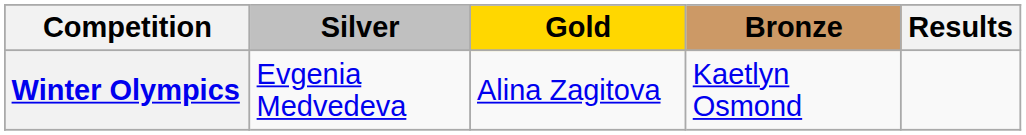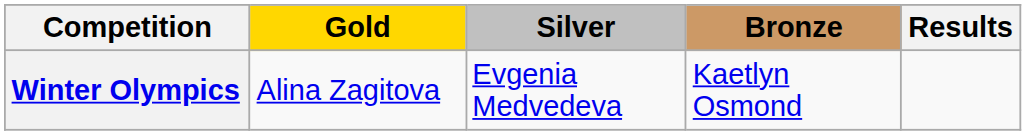 <table class="wikitable unsortable" style="text-align:left; width:90%">
 <tr>
 <th scope="col" style="text-align:center; width:25%;">Competition</th>
+<td scope="col" style="text-align:center; width:22.5%; background:gold"><strong>Gold</strong></td>
 <td scope="col" style="text-align:center; width:22.5%; background:silver"><strong>Silver</strong></td>
-<td scope="col" style="text-align:center; width:22.5%; background:gold"><strong>Gold</strong></td>
 <td scope="col" style="text-align:center; width:22.5%; background:#c96"><strong>Bronze</strong></td>
 <th scope="col" style="text-align:center; width:7.5%;">Results</th>
 </tr>
 <tr>
 <th scope="row" style="text-align:left"> <a href='#'>Winter Olympics</a></th>
+<td> <a href='#'>Alina Zagitova</a></td>
 <td> <a href='#'>Evgenia Medvedeva</a></td>
-<td> <a href='#'>Alina Zagitova</a></td>
 <td> <a href='#'>Kaetlyn Osmond</a></td>
 <td></td>
 </tr>
 </table>
